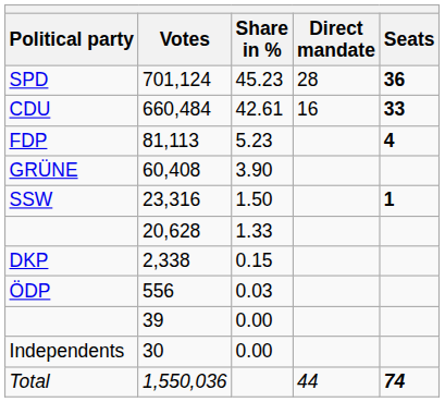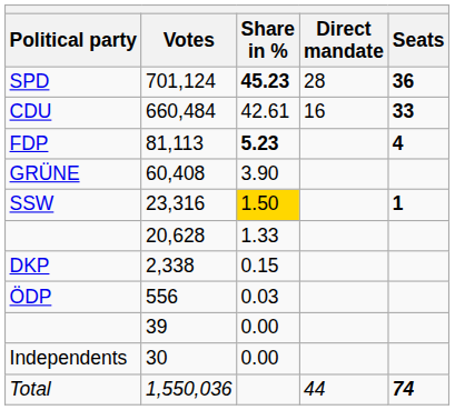 <table class="wikitable">
 <tr>
 <th colspan="5"></th>
 </tr>
 <tr>
 <th>Political party</th>
 <th>Votes</th>
 <th>Share<br>in %</th>
 <th>Direct<br>mandate</th>
 <th>Seats</th>
 </tr>
 <tr>
 <td><a href='#'>SPD</a></td>
 <td>701,124</td>
-<td>45.23</td>
+<td><strong>45.23</strong></td>
 <td>28</td>
 <td><strong>36</strong></td>
 </tr>
 <tr>
 <td><a href='#'>CDU</a></td>
 <td>660,484</td>
 <td>42.61</td>
 <td>16</td>
 <td><strong>33</strong></td>
 </tr>
 <tr>
 <td><a href='#'>FDP</a></td>
 <td>81,113</td>
-<td>5.23</td>
+<td><strong>5.23</strong></td>
 <td></td>
 <td><strong>4</strong></td>
 </tr>
 <tr>
 <td><a href='#'>GRÜNE</a></td>
 <td>60,408</td>
 <td>3.90</td>
 <td></td>
 <td></td>
 </tr>
 <tr>
 <td><a href='#'>SSW</a></td>
 <td>23,316</td>
-<td>1.50</td>
+<td style="background: gold;">1.50</td>
 <td></td>
 <td><strong>1</strong></td>
 </tr>
 <tr>
 <td></td>
 <td>20,628</td>
 <td>1.33</td>
 <td></td>
 <td></td>
 </tr>
 <tr>
 <td><a href='#'>DKP</a></td>
 <td>2,338</td>
 <td>0.15</td>
 <td></td>
 <td></td>
 </tr>
 <tr>
 <td><a href='#'>ÖDP</a></td>
 <td>556</td>
 <td>0.03</td>
 <td></td>
 <td></td>
 </tr>
 <tr>
 <td></td>
 <td>39</td>
 <td>0.00</td>
 <td></td>
 <td></td>
 </tr>
 <tr>
 <td>Independents</td>
 <td>30</td>
 <td>0.00</td>
 <td></td>
 <td></td>
 </tr>
 <tr>
 <td><em>Total</em></td>
 <td><em>1,550,036</em></td>
 <td></td>
 <td><em>44</em></td>
 <td><strong><em>74</em></strong></td>
 </tr>
 </table>
